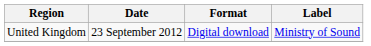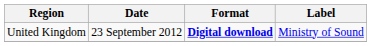 <table class=wikitable>
 <tr>
 <th>Region</th>
 <th>Date</th>
 <th>Format</th>
 <th>Label</th>
 </tr>
 <tr>
 <td>United Kingdom</td>
 <td>23 September 2012</td>
-<td><a href='#'>Digital download</a></td>
+<td><strong><a href='#'>Digital download</a></strong></td>
 <td><a href='#'>Ministry of Sound</a></td>
 </tr>
 <tr>
 </tr>
 </table>
